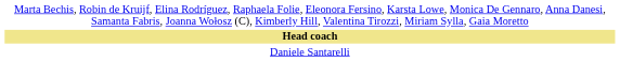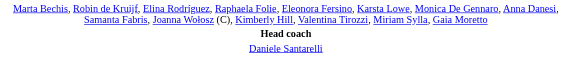 <table style="text-align: center; margin-top: 2em; margin-left: auto; margin-right: auto">
 <tr>
 <td><a href='#'>Marta Bechis</a>, <a href='#'>Robin de Kruijf</a>, <a href='#'>Elina Rodríguez</a>, <a href='#'>Raphaela Folie</a>, <a href='#'>Eleonora Fersino</a>, <a href='#'>Karsta Lowe</a>, <a href='#'>Monica De Gennaro</a>, <a href='#'>Anna Danesi</a>, <a href='#'>Samanta Fabris</a>, <a href='#'>Joanna Wołosz</a> (C), <a href='#'>Kimberly Hill</a>, <a href='#'>Valentina Tirozzi</a>, <a href='#'>Miriam Sylla</a>, <a href='#'>Gaia Moretto</a></td>
 </tr>
 <tr>
-<td style="background: khaki;"><strong>Head coach</strong></td>
+<td><strong>Head coach</strong></td>
 </tr>
 <tr>
 <td><a href='#'>Daniele Santarelli</a></td>
 </tr>
 </table>
